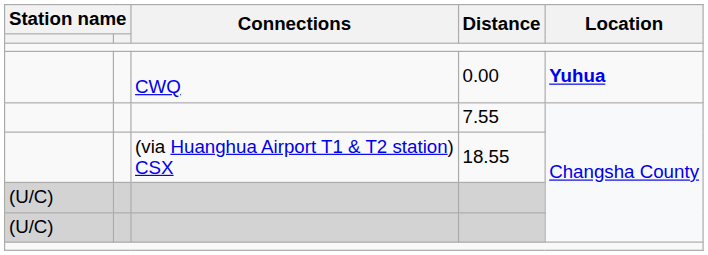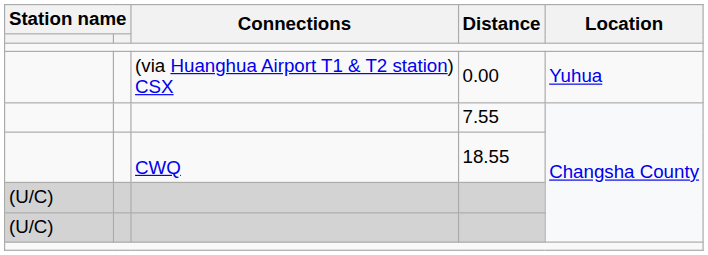 <table class="wikitable">
 <tr>
 <th colspan="2">Station name</th>
 <th rowspan="2">Connections</th>
 <th colspan="1" rowspan="2">Distance<br></th>
 <th rowspan="2">Location</th>
 </tr>
 <tr>
 <th></th>
 <th></th>
 </tr>
 <tr style="background:#">
 <td colspan = "6"></td>
 </tr>
 <tr>
 <td></td>
 <td></td>
-<td> <br> <a href='#'>CWQ</a></td>
+<td> (via <a href='#'>Huanghua Airport T1 & T2 station</a>)<br> <a href='#'>CSX</a></td>
 <td>0.00</td>
-<td><strong><a href='#'>Yuhua</a><br></strong></td>
+<td><a href='#'>Yuhua</a><br></td>
 </tr>
 <tr>
 <td></td>
 <td></td>
 <td></td>
 <td>7.55</td>
 <td style="background:#F8F9FA;" rowspan="4"><a href='#'>Changsha County</a><br></td>
 </tr>
 <tr>
 <td></td>
 <td></td>
-<td> (via <a href='#'>Huanghua Airport T1 & T2 station</a>)<br> <a href='#'>CSX</a></td>
+<td> <br> <a href='#'>CWQ</a></td>
 <td>18.55</td>
 </tr>
 <tr bgcolor="lightgrey">
 <td><em></em> (U/C)</td>
 <td></td>
 <td></td>
 <td></td>
 </tr>
 <tr bgcolor="lightgrey">
 <td><em></em> (U/C)</td>
 <td></td>
 <td></td>
 <td></td>
 </tr>
 <tr style="background:#">
 <td colspan = "6"></td>
 </tr>
 </table>
